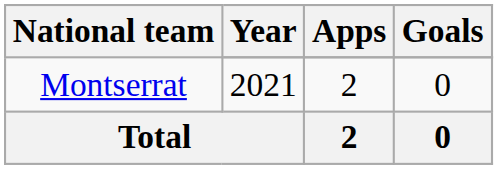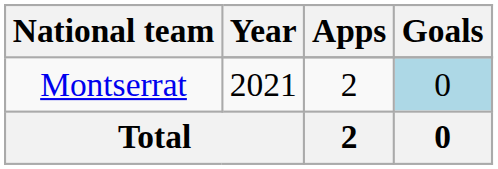 <table class="wikitable" style="text-align:center">
 <tr>
 <th>National team</th>
 <th>Year</th>
 <th>Apps</th>
 <th>Goals</th>
 </tr>
 <tr>
 <td rowspan="2"><a href='#'>Montserrat</a></td>
 </tr>
 <tr>
 <td>2021</td>
 <td>2</td>
-<td>0</td>
+<td style="background: lightblue;">0</td>
 </tr>
 <tr>
 <th colspan="2">Total</th>
 <th>2</th>
 <th>0</th>
 </tr>
 </table>
